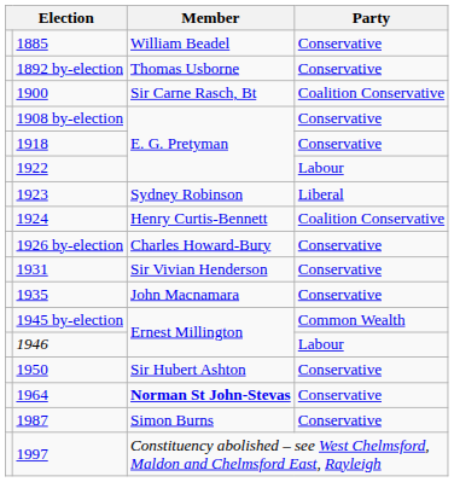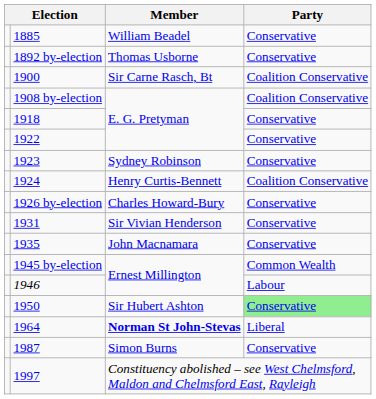 <table class="wikitable">
 <tr>
 <th colspan="2">Election</th>
 <th>Member</th>
 <th>Party</th>
 </tr>
 <tr>
 <td style="color:inherit;background-color: "></td>
 <td><a href='#'>1885</a></td>
 <td><a href='#'>William Beadel</a></td>
 <td><a href='#'>Conservative</a></td>
 </tr>
 <tr>
 <td style="color:inherit;background-color: "></td>
 <td><a href='#'>1892 by-election</a> </td>
 <td><a href='#'>Thomas Usborne</a></td>
 <td><a href='#'>Conservative</a></td>
 </tr>
 <tr>
 <td style="color:inherit;background-color: "></td>
 <td><a href='#'>1900</a></td>
 <td><a href='#'>Sir Carne Rasch, Bt</a></td>
 <td><a href='#'>Coalition Conservative</a></td>
 </tr>
 <tr>
 <td style="color:inherit;background-color: "></td>
 <td><a href='#'>1908 by-election</a> </td>
 <td rowspan="3"><a href='#'>E. G. Pretyman</a></td>
-<td><a href='#'>Conservative</a></td>
+<td><a href='#'>Coalition Conservative</a></td>
 </tr>
 <tr>
 <td style="color:inherit;background-color: "></td>
 <td><a href='#'>1918</a></td>
 <td><a href='#'>Conservative</a></td>
 </tr>
 <tr>
 <td style="color:inherit;background-color: "></td>
 <td><a href='#'>1922</a></td>
-<td><a href='#'>Labour</a></td>
+<td><a href='#'>Conservative</a></td>
 </tr>
 <tr>
 <td style="color:inherit;background-color: "></td>
 <td><a href='#'>1923</a></td>
 <td><a href='#'>Sydney Robinson</a></td>
-<td><a href='#'>Liberal</a></td>
+<td><a href='#'>Conservative</a></td>
 </tr>
 <tr>
 <td style="color:inherit;background-color: "></td>
 <td><a href='#'>1924</a></td>
 <td><a href='#'>Henry Curtis-Bennett</a></td>
 <td><a href='#'>Coalition Conservative</a></td>
 </tr>
 <tr>
 <td style="color:inherit;background-color: "></td>
 <td><a href='#'>1926 by-election</a> </td>
 <td><a href='#'>Charles Howard-Bury</a></td>
 <td><a href='#'>Conservative</a></td>
 </tr>
 <tr>
 <td style="color:inherit;background-color: "></td>
 <td><a href='#'>1931</a></td>
 <td><a href='#'>Sir Vivian Henderson</a></td>
 <td><a href='#'>Conservative</a></td>
 </tr>
 <tr>
 <td style="color:inherit;background-color: "></td>
 <td><a href='#'>1935</a></td>
 <td><a href='#'>John Macnamara</a></td>
 <td><a href='#'>Conservative</a></td>
 </tr>
 <tr>
 <td style="color:inherit;background-color: "></td>
 <td><a href='#'>1945 by-election</a> </td>
 <td rowspan="2"><a href='#'>Ernest Millington</a></td>
 <td><a href='#'>Common Wealth</a></td>
 </tr>
 <tr>
 <td style="color:inherit;background-color: "></td>
 <td><em>1946</em> </td>
 <td><a href='#'>Labour</a></td>
 </tr>
 <tr>
 <td style="color:inherit;background-color: "></td>
 <td><a href='#'>1950</a></td>
 <td><a href='#'>Sir Hubert Ashton</a></td>
-<td><a href='#'>Conservative</a></td>
+<td style="background: lightgreen;"><a href='#'>Conservative</a></td>
 </tr>
 <tr>
 <td style="color:inherit;background-color: "></td>
 <td><a href='#'>1964</a></td>
 <td><strong><a href='#'>Norman St John-Stevas</a></strong></td>
-<td><a href='#'>Conservative</a></td>
+<td><a href='#'>Liberal</a></td>
 </tr>
 <tr>
 <td style="color:inherit;background-color: "></td>
 <td><a href='#'>1987</a></td>
 <td><a href='#'>Simon Burns</a></td>
 <td><a href='#'>Conservative</a></td>
 </tr>
 <tr>
 <td></td>
 <td><a href='#'>1997</a></td>
 <td colspan="3"><em>Constituency abolished – see <a href='#'>West Chelmsford</a>, <br><a href='#'>Maldon and Chelmsford East</a>, <a href='#'>Rayleigh</a></em></td>
 </tr>
 </table>
